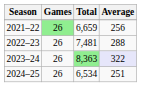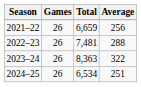 <table class="wikitable" border="1" style="text-align:center; font-size:95%">
 <tr>
 <th rowspan="1">Season</th>
 <th rowspan="1">Games</th>
 <th rowspan="1">Total</th>
 <th rowspan="1">Average</th>
 </tr>
 <tr>
 </tr>
 <tr>
 </tr>
 <tr>
 </tr>
 <tr style="text-align:center">
 <td>2021–22</td>
-<td style="background: lightgreen;">26</td>
+<td>26</td>
 <td>6,659</td>
 <td>256</td>
 </tr>
 <tr>
 <td>2022–23</td>
 <td>26</td>
 <td>7,481</td>
 <td>288</td>
 </tr>
 <tr>
 <td>2023–24</td>
 <td>26</td>
-<td style="background: lightgreen;">8,363</td>
-<td style="background: lavender;">322</td>
+<td>8,363</td>
+<td>322</td>
 </tr>
 <tr>
 <td>2024–25</td>
 <td>26</td>
 <td>6,534</td>
 <td>251</td>
 </tr>
 </table>
